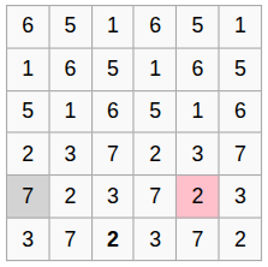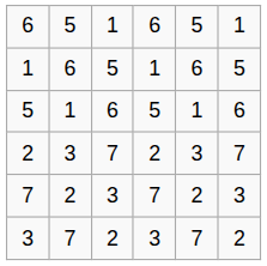 <table class="wikitable" style="margin-left:auto;margin-right:auto;text-align:center;width:12em;height:12em;table-layout:fixed;">
 <tr>
 <td>6</td>
 <td>5</td>
 <td>1</td>
 <td>6</td>
 <td>5</td>
 <td>1</td>
 </tr>
 <tr>
 <td>1</td>
 <td>6</td>
 <td>5</td>
 <td>1</td>
 <td>6</td>
 <td>5</td>
 </tr>
 <tr>
 <td>5</td>
 <td>1</td>
 <td>6</td>
 <td>5</td>
 <td>1</td>
 <td>6</td>
 </tr>
 <tr>
 <td>2</td>
 <td>3</td>
 <td>7</td>
 <td>2</td>
 <td>3</td>
 <td>7</td>
 </tr>
 <tr>
-<td style="background: lightgrey;">7</td>
+<td>7</td>
 <td>2</td>
 <td>3</td>
 <td>7</td>
-<td style="background: pink;">2</td>
+<td>2</td>
 <td>3</td>
 </tr>
 <tr>
 <td>3</td>
 <td>7</td>
-<td><strong>2</strong></td>
+<td>2</td>
 <td>3</td>
 <td>7</td>
 <td>2</td>
 </tr>
 </table>
